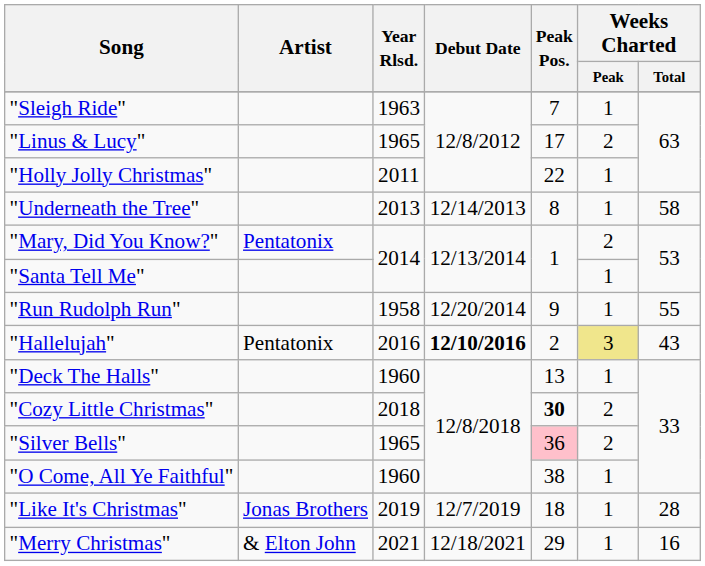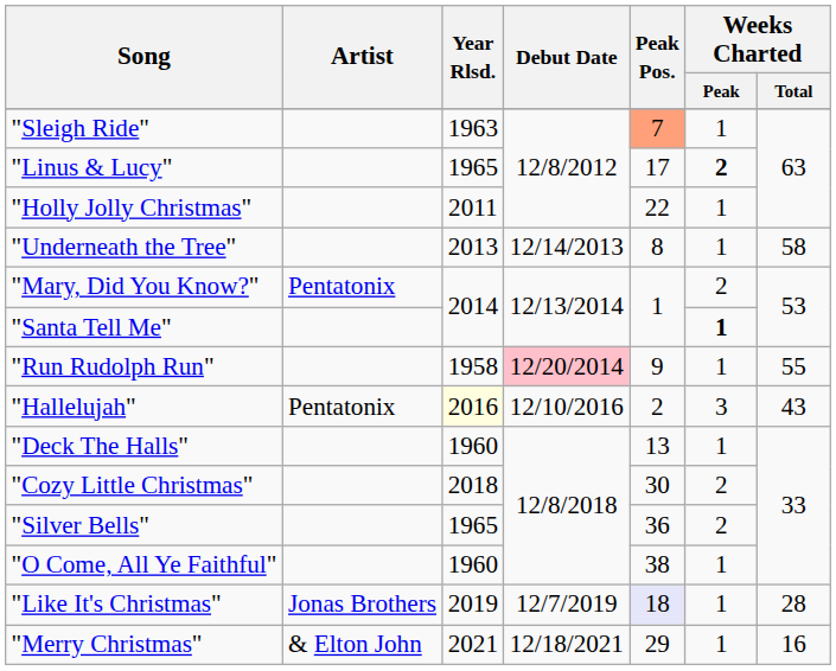 <table class="wikitable sortable plainrowheaders">
 <tr>
 <th rowspan="2">Song</th>
 <th rowspan="2">Artist</th>
 <th rowspan="2"><small>Year<br>Rlsd.</small></th>
 <th rowspan="2"><small>Debut Date</small></th>
 <th rowspan="2"><small>Peak<br>Pos.</small></th>
 <th colspan="4">Weeks Charted</th>
 </tr>
 <tr style="font-size:smaller;">
 <th width="40"><small>Peak</small></th>
 <th width="40"><small>Total</small></th>
 </tr>
 <tr style="font-size:larger;">
 </tr>
 <tr>
 <td>"<a href='#'>Sleigh Ride</a>"</td>
 <td></td>
 <td align="center">1963</td>
 <td align="center" rowspan="3">12/8/2012</td>
-<td align="center">7</td>
+<td align="center" style="background: lightsalmon;">7</td>
 <td align="center">1</td>
 <td rowspan="3" align="center">63</td>
 </tr>
 <tr>
 <td>"<a href='#'>Linus & Lucy</a>"</td>
 <td></td>
 <td align="center">1965</td>
 <td align="center">17</td>
-<td align="center">2</td>
+<td align="center"><strong>2</strong></td>
 </tr>
 <tr>
 <td>"<a href='#'>Holly Jolly Christmas</a>"</td>
 <td></td>
 <td align="center">2011</td>
 <td align="center">22</td>
 <td align="center">1</td>
 </tr>
 <tr>
 <td>"<a href='#'>Underneath the Tree</a>"</td>
 <td></td>
 <td align="center">2013</td>
 <td align="center">12/14/2013</td>
 <td align="center">8</td>
 <td align="center">1</td>
 <td align="center">58</td>
 </tr>
 <tr>
 <td>"<a href='#'>Mary, Did You Know?</a>"</td>
 <td><a href='#'>Pentatonix</a></td>
 <td rowspan="2" align="center">2014</td>
 <td align="center" rowspan="2">12/13/2014</td>
 <td rowspan="2" align="center">1</td>
 <td align="center">2</td>
 <td rowspan="2" align="center">53</td>
 </tr>
 <tr>
 <td>"<a href='#'>Santa Tell Me</a>"</td>
 <td></td>
-<td align="center">1</td>
+<td align="center"><strong>1</strong></td>
 </tr>
 <tr>
 <td>"<a href='#'>Run Rudolph Run</a>"</td>
 <td></td>
 <td align="center">1958</td>
-<td align="center">12/20/2014</td>
+<td align="center" style="background: pink;">12/20/2014</td>
 <td align="center">9</td>
 <td align="center">1</td>
 <td align="center">55</td>
 </tr>
 <tr>
 <td>"<a href='#'>Hallelujah</a>"</td>
 <td>Pentatonix</td>
-<td align="center">2016</td>
-<td align="center"><strong>12/10/2016</strong></td>
+<td align="center" style="background: lightyellow;">2016</td>
+<td align="center">12/10/2016</td>
 <td align="center">2</td>
-<td align="center" style="background: khaki;">3</td>
+<td align="center">3</td>
 <td align="center">43</td>
 </tr>
 <tr>
 <td>"<a href='#'>Deck The Halls</a>"</td>
 <td></td>
 <td align="center">1960</td>
 <td align="center" rowspan="4">12/8/2018</td>
 <td align="center">13</td>
 <td align="center">1</td>
 <td rowspan="4" align="center">33</td>
 </tr>
 <tr>
 <td>"<a href='#'>Cozy Little Christmas</a>"</td>
 <td></td>
 <td align="center">2018</td>
-<td align="center"><strong>30</strong></td>
+<td align="center">30</td>
 <td align="center">2</td>
 </tr>
 <tr>
 <td>"<a href='#'>Silver Bells</a>"</td>
 <td></td>
 <td align="center">1965</td>
-<td align="center" style="background: pink;">36</td>
+<td align="center">36</td>
 <td align="center">2</td>
 </tr>
 <tr>
 <td>"<a href='#'>O Come, All Ye Faithful</a>"</td>
 <td></td>
 <td align="center">1960</td>
 <td align="center">38</td>
 <td align="center">1</td>
 </tr>
 <tr>
 <td>"<a href='#'>Like It's Christmas</a>"</td>
 <td><a href='#'>Jonas Brothers</a></td>
 <td align="center">2019</td>
 <td align="center">12/7/2019</td>
-<td align="center">18</td>
+<td align="center" style="background: lavender;">18</td>
 <td align="center">1</td>
 <td align="center">28</td>
 </tr>
 <tr>
 <td>"<a href='#'>Merry Christmas</a>"</td>
 <td> & <a href='#'>Elton John</a></td>
 <td align="center">2021</td>
 <td align="center">12/18/2021</td>
 <td align="center">29</td>
 <td align="center">1</td>
 <td align="center">16</td>
 </tr>
 </table>
